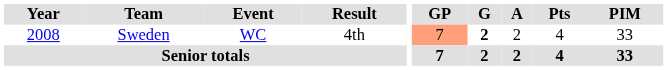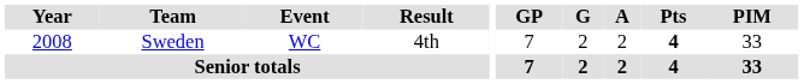 <table border="0" cellpadding="1" cellspacing="0" ID="Table3" style="text-align:center; width:40em">
 <tr ALIGN="center" bgcolor="#e0e0e0">
 <th>Year</th>
 <th>Team</th>
 <th>Event</th>
 <th>Result</th>
 <th rowspan="99" bgcolor="#ffffff"></th>
 <th>GP</th>
 <th>G</th>
 <th>A</th>
 <th>Pts</th>
 <th>PIM</th>
 </tr>
 <tr>
 <td><a href='#'>2008</a></td>
 <td><a href='#'>Sweden</a></td>
 <td><a href='#'>WC</a></td>
 <td>4th</td>
-<td style="background: lightsalmon;">7</td>
-<td><strong>2</strong></td>
+<td>7</td>
 <td>2</td>
-<td>4</td>
+<td>2</td>
+<td><strong>4</strong></td>
 <td>33</td>
 </tr>
 <tr bgcolor="#e0e0e0">
 <th colspan="4">Senior totals</th>
 <th>7</th>
 <th>2</th>
 <th>2</th>
 <th>4</th>
 <th>33</th>
 </tr>
 </table>
